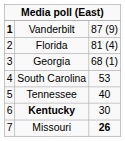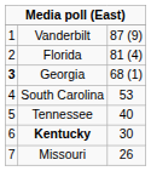 <table class="wikitable">
 <tr align="center">
 <td align="center" Colspan="3"><strong>Media poll (East)</strong></td>
 </tr>
 <tr align="center">
 </tr>
 <tr align="center">
-<td><strong>1</strong></td>
+<td>1</td>
 <td>Vanderbilt</td>
 <td>87 (9)</td>
 </tr>
 <tr align="center">
 <td>2</td>
 <td>Florida</td>
 <td>81 (4)</td>
 </tr>
 <tr align="center">
-<td>3</td>
+<td><strong>3</strong></td>
 <td>Georgia</td>
 <td>68 (1)</td>
 </tr>
 <tr align="center">
 <td>4</td>
 <td>South Carolina</td>
 <td>53</td>
 </tr>
 <tr align="center">
 <td>5</td>
 <td>Tennessee</td>
 <td>40</td>
 </tr>
 <tr align="center">
 <td>6</td>
 <td><strong>Kentucky</strong></td>
 <td>30</td>
 </tr>
 <tr align="center">
 <td>7</td>
 <td>Missouri</td>
-<td><strong>26</strong></td>
+<td>26</td>
 </tr>
 </table>
